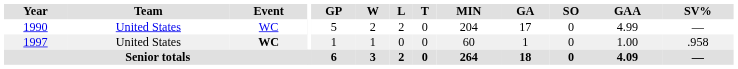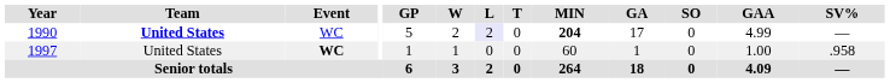 <table border="0" cellpadding="1" cellspacing="0" ID="Table3" style="text-align:center; width:60em">
 <tr ALIGN="center" bgcolor="#e0e0e0">
 <th>Year</th>
 <th>Team</th>
 <th>Event</th>
 <th rowspan="99" bgcolor="#ffffff"></th>
 <th>GP</th>
 <th>W</th>
 <th>L</th>
 <th>T</th>
 <th>MIN</th>
 <th>GA</th>
 <th>SO</th>
 <th>GAA</th>
 <th>SV%</th>
 </tr>
 <tr>
 <td><a href='#'>1990</a></td>
-<td><a href='#'>United States</a></td>
+<td><strong><a href='#'>United States</a></strong></td>
 <td><a href='#'>WC</a></td>
 <td>5</td>
 <td>2</td>
-<td>2</td>
+<td style="background: lavender;">2</td>
 <td>0</td>
-<td>204</td>
+<td><strong>204</strong></td>
 <td>17</td>
 <td>0</td>
 <td>4.99</td>
 <td>—</td>
 </tr>
 <tr bgcolor="#f0f0f0">
 <td><a href='#'>1997</a></td>
 <td>United States</td>
 <td><strong>WC</strong></td>
 <td>1</td>
 <td>1</td>
 <td>0</td>
 <td>0</td>
 <td>60</td>
 <td>1</td>
 <td>0</td>
 <td>1.00</td>
 <td>.958</td>
 </tr>
 <tr bgcolor="#e0e0e0">
 <th colspan=4>Senior totals</th>
 <th>6</th>
 <th>3</th>
 <th>2</th>
 <th>0</th>
 <th>264</th>
 <th>18</th>
 <th>0</th>
 <th>4.09</th>
 <th>—</th>
 </tr>
 </table>
